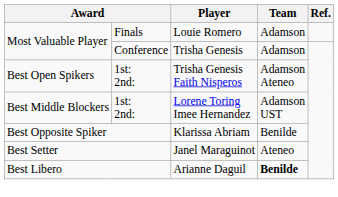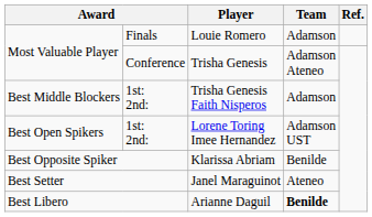 <table class="wikitable">
 <tr>
 <th colspan="2">Award</th>
 <th>Player</th>
 <th>Team</th>
 <th>Ref.</th>
 </tr>
 <tr>
 <td rowspan=2>Most Valuable Player</td>
 <td>Finals</td>
 <td>Louie Romero</td>
 <td>Adamson</td>
 <td style="text-align:center;"></td>
 </tr>
 <tr>
 <td>Conference</td>
 <td>Trisha Genesis</td>
-<td>Adamson</td>
+<td>Adamson<br>Ateneo</td>
 <td rowspan=6 style="text-align:center;"></td>
 </tr>
 <tr>
-<td>Best Open Spikers</td>
+<td>Best Middle Blockers</td>
 <td>1st:<br>2nd:</td>
 <td>Trisha Genesis<br><a href='#'>Faith Nisperos</a></td>
-<td>Adamson<br>Ateneo</td>
+<td>Adamson</td>
 </tr>
 <tr>
-<td>Best Middle Blockers</td>
+<td>Best Open Spikers</td>
 <td>1st:<br>2nd:</td>
 <td><a href='#'>Lorene Toring</a><br> Imee Hernandez</td>
 <td>Adamson<br>UST</td>
 </tr>
 <tr>
 <td colspan="2">Best Opposite Spiker</td>
 <td>Klarissa Abriam</td>
 <td>Benilde</td>
 </tr>
 <tr>
 <td colspan="2">Best Setter</td>
 <td>Janel Maraguinot</td>
 <td>Ateneo</td>
 </tr>
 <tr>
 <td colspan="2">Best Libero</td>
 <td>Arianne Daguil</td>
 <td><strong>Benilde</strong></td>
 </tr>
 </table>
